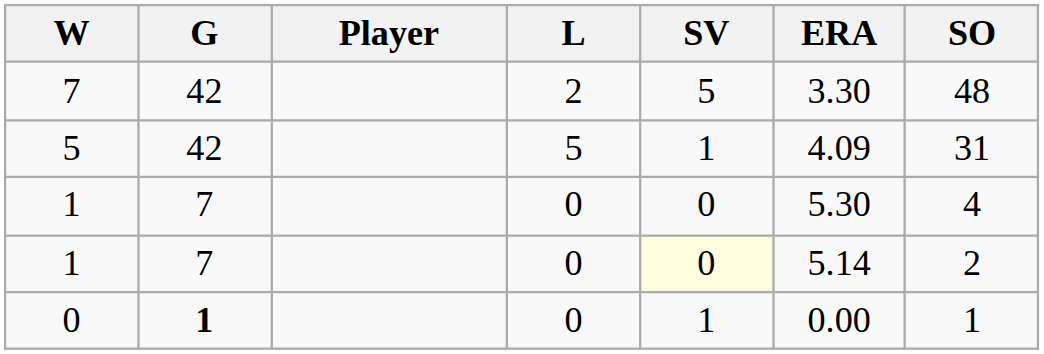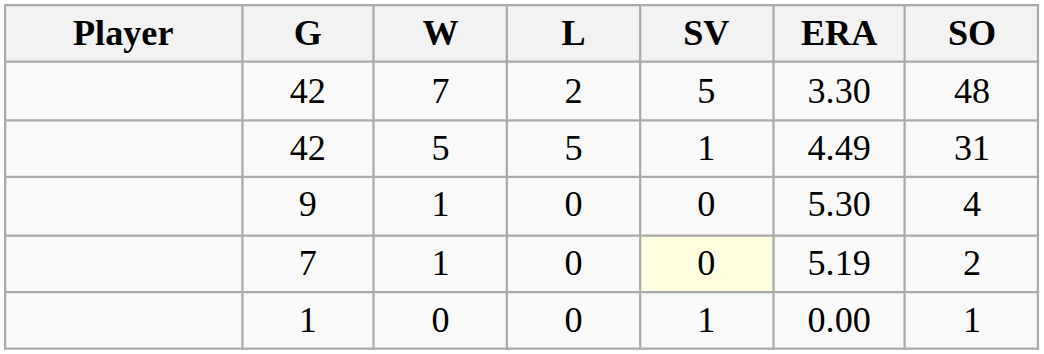 <table class="wikitable sortable">
 <tr>
+<th bgcolor="#DDDDFF" width="16%">Player</th>
+<th bgcolor="#DDDDFF" width="9%">G</th>
 <th bgcolor="#DDDDFF" width="9%">W</th>
-<th bgcolor="#DDDDFF" width="9%">G</th>
-<th bgcolor="#DDDDFF" width="16%">Player</th>
 <th bgcolor="#DDDDFF" width="9%">L</th>
 <th bgcolor="#DDDDFF" width="9%">SV</th>
 <th bgcolor="#DDDDFF" width="9%">ERA</th>
 <th bgcolor="#DDDDFF" width="9%">SO</th>
 </tr>
 <tr align="center">
+<td></td>
+<td>42</td>
 <td>7</td>
-<td>42</td>
-<td></td>
 <td>2</td>
 <td>5</td>
 <td>3.30</td>
 <td>48</td>
 </tr>
 <tr align="center">
+<td></td>
+<td>42</td>
 <td>5</td>
-<td>42</td>
-<td></td>
 <td>5</td>
 <td>1</td>
-<td>4.09</td>
+<td>4.49</td>
 <td>31</td>
 </tr>
 <tr align="center">
+<td></td>
+<td>9</td>
 <td>1</td>
-<td>7</td>
-<td></td>
 <td>0</td>
 <td>0</td>
 <td>5.30</td>
 <td>4</td>
 </tr>
 <tr align="center">
+<td></td>
+<td>7</td>
 <td>1</td>
-<td>7</td>
-<td></td>
 <td>0</td>
 <td style="background: lightyellow;">0</td>
-<td>5.14</td>
+<td>5.19</td>
 <td>2</td>
 </tr>
 <tr align="center">
+<td></td>
+<td>1</td>
 <td>0</td>
-<td><strong>1</strong></td>
-<td></td>
 <td>0</td>
 <td>1</td>
 <td>0.00</td>
 <td>1</td>
 </tr>
 </table>
